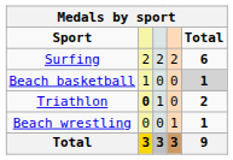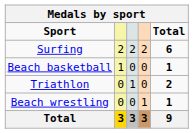 <table class="wikitable" style="font-size:95%; float:right;">
 <tr style="background:#efefef;">
 <th colspan=7>Medals by sport</th>
 </tr>
 <tr align=center>
 <td><strong>Sport</strong></td>
 <td style="background:#f7f6a8;"></td>
 <td style="background:#dce5e5;"></td>
 <td style="background:#ffdab9;"></td>
 <td><strong>Total</strong></td>
 </tr>
 <tr align=center>
 <td><a href='#'>Surfing</a></td>
 <td style="background:#F7F6A8;">2</td>
 <td style="background:#DCE5E5;">2</td>
 <td style="background:#FFDAB9;">2</td>
 <td><strong>6</strong></td>
 </tr>
 <tr align=center>
 <td><a href='#'>Beach basketball</a></td>
 <td style="background:#F7F6A8;">1</td>
 <td style="background:#DCE5E5;">0</td>
 <td style="background:#FFDAB9;">0</td>
-<td style="background: lightgrey;"><strong>1</strong></td>
+<td><strong>1</strong></td>
 </tr>
 <tr align=center>
 <td><a href='#'>Triathlon</a></td>
-<td style="background:#F7F6A8;"><strong>0</strong></td>
+<td style="background:#F7F6A8;">0</td>
 <td style="background:#DCE5E5;">1</td>
 <td style="background:#FFDAB9;">0</td>
 <td><strong>2</strong></td>
 </tr>
 <tr align=center>
 <td><a href='#'>Beach wrestling</a></td>
 <td style="background:#F7F6A8;">0</td>
 <td style="background:#DCE5E5;">0</td>
 <td style="background:#FFDAB9;">1</td>
 <td><strong>1</strong></td>
 </tr>
 <tr align=center>
 <th>Total</th>
 <th style="background:gold;">3</th>
 <th style="background:silver;">3</th>
 <th style="background:#c96;">3</th>
 <th>9</th>
 </tr>
 </table>
